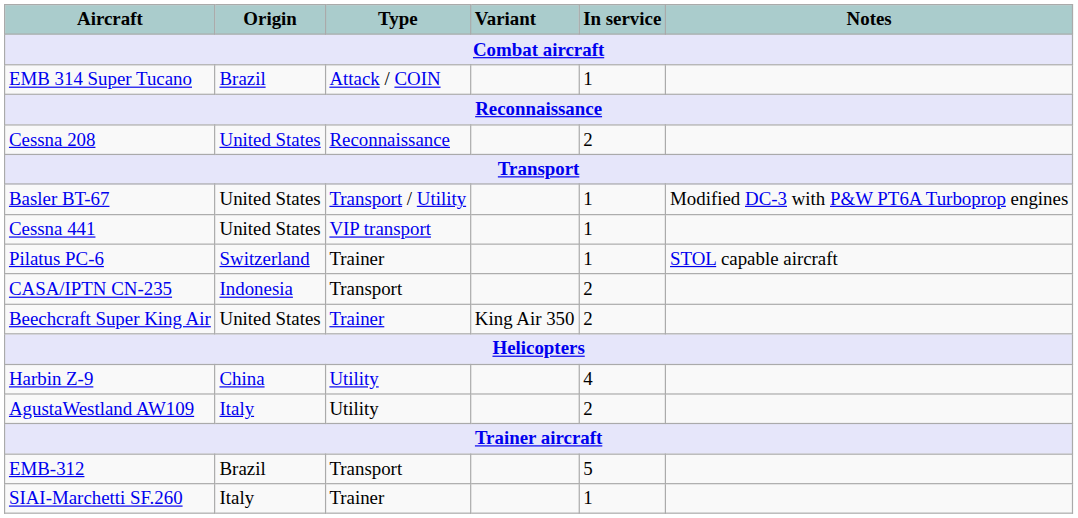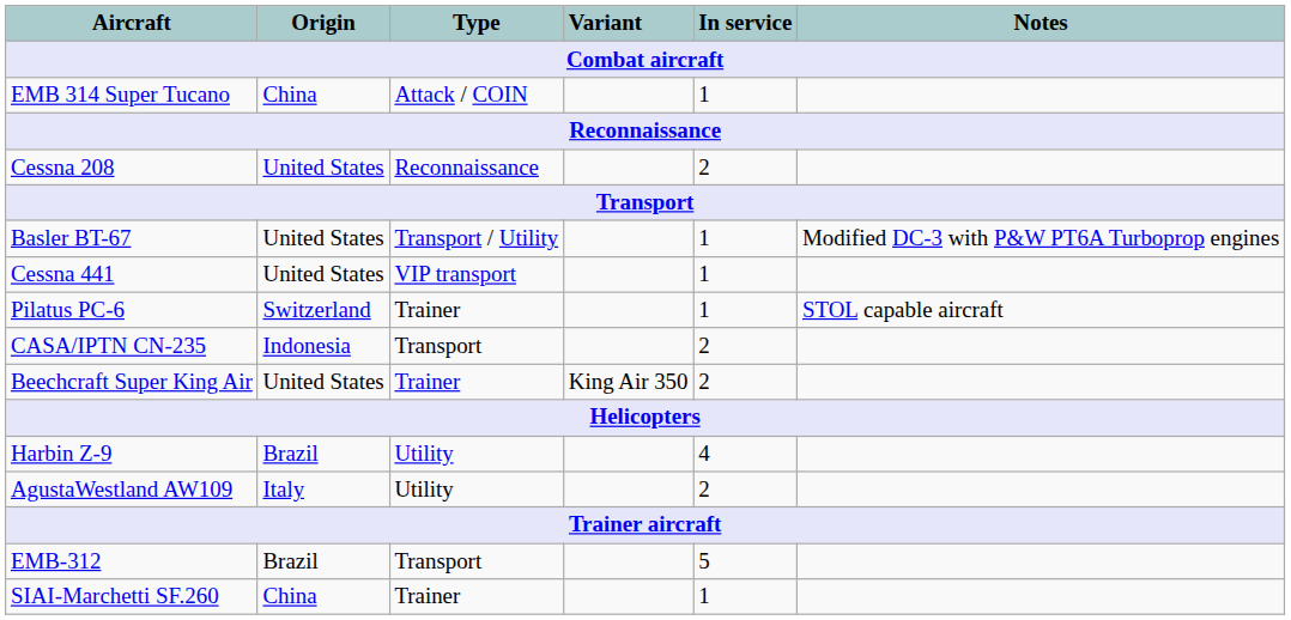 <table class="wikitable">
 <tr>
 <th style="text-align:center; background:#acc;">Aircraft</th>
 <th style="text-align: center; background:#acc;">Origin</th>
 <th style="text-align:l center; background:#acc;">Type</th>
 <th style="text-align:left; background:#acc;">Variant</th>
 <th style="text-align:center; background:#acc;">In service</th>
 <th style="text-align: center; background:#acc;">Notes</th>
 </tr>
 <tr>
 <th style="align: center; background: lavender;" colspan="7"><a href='#'>Combat aircraft</a></th>
 </tr>
 <tr>
 <td><a href='#'>EMB 314 Super Tucano</a></td>
-<td><a href='#'>Brazil</a></td>
+<td><a href='#'>China</a></td>
 <td><a href='#'>Attack</a> / <a href='#'>COIN</a></td>
 <td></td>
 <td>1</td>
 </tr>
 <tr>
 <th style="align: center; background: lavender;" colspan="7"><a href='#'>Reconnaissance</a></th>
 </tr>
 <tr>
 <td><a href='#'>Cessna 208</a></td>
 <td><a href='#'>United States</a></td>
 <td><a href='#'>Reconnaissance</a></td>
 <td></td>
 <td>2</td>
 <td></td>
 </tr>
 <tr>
 <th style="align: center; background: lavender;" colspan="7"><a href='#'>Transport</a></th>
 </tr>
 <tr>
 <td><a href='#'>Basler BT-67</a></td>
 <td>United States</td>
 <td><a href='#'>Transport</a> / <a href='#'>Utility</a></td>
 <td></td>
 <td>1</td>
 <td>Modified <a href='#'>DC-3</a> with <a href='#'>P&W PT6A Turboprop</a> engines</td>
 </tr>
 <tr>
 <td><a href='#'>Cessna 441</a></td>
 <td>United States</td>
 <td><a href='#'>VIP transport</a></td>
 <td></td>
 <td>1</td>
 <td></td>
 </tr>
 <tr>
 <td><a href='#'>Pilatus PC-6</a></td>
 <td><a href='#'>Switzerland</a></td>
 <td>Trainer</td>
 <td></td>
 <td>1</td>
 <td><a href='#'>STOL</a> capable aircraft</td>
 </tr>
 <tr>
 <td><a href='#'>CASA/IPTN CN-235</a></td>
 <td><a href='#'>Indonesia</a></td>
 <td>Transport</td>
 <td></td>
 <td>2</td>
 <td></td>
 </tr>
 <tr>
 <td><a href='#'>Beechcraft Super King Air</a></td>
 <td>United States</td>
 <td><a href='#'>Trainer</a></td>
 <td>King Air 350</td>
 <td>2</td>
 <td></td>
 </tr>
 <tr>
 <th style="align: center; background: lavender;" colspan="7"><a href='#'>Helicopters</a></th>
 </tr>
 <tr>
 <td><a href='#'>Harbin Z-9</a></td>
-<td><a href='#'>China</a></td>
+<td><a href='#'>Brazil</a></td>
 <td><a href='#'>Utility</a></td>
 <td></td>
 <td>4</td>
 <td></td>
 </tr>
 <tr>
 <td><a href='#'>AgustaWestland AW109</a></td>
 <td><a href='#'>Italy</a></td>
 <td>Utility</td>
 <td></td>
 <td>2</td>
 <td></td>
 </tr>
 <tr>
 <th style="align: center; background: lavender;" colspan="7"><a href='#'>Trainer aircraft</a></th>
 </tr>
 <tr>
 <td><a href='#'>EMB-312</a></td>
 <td>Brazil</td>
 <td>Transport</td>
 <td></td>
 <td>5</td>
 <td></td>
 </tr>
 <tr>
 <td><a href='#'>SIAI-Marchetti SF.260</a></td>
-<td>Italy</td>
+<td><a href='#'>China</a></td>
 <td>Trainer</td>
 <td></td>
 <td>1</td>
 <td></td>
 </tr>
 </table>
